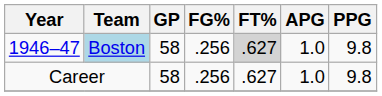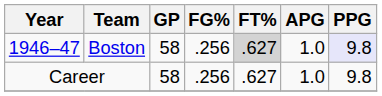 <table class="wikitable sortable" style="font-size:95%; text-align:right;">
 <tr>
 <th>Year</th>
 <th>Team</th>
 <th>GP</th>
 <th>FG%</th>
 <th>FT%</th>
 <th>APG</th>
 <th>PPG</th>
 </tr>
 <tr>
 <td style="text-align:left;"><a href='#'>1946–47</a></td>
-<td style="background: lightblue; text-align:left;"><a href='#'>Boston</a></td>
+<td style="text-align:left;"><a href='#'>Boston</a></td>
 <td>58</td>
 <td>.256</td>
 <td style="background: lightgrey;">.627</td>
 <td>1.0</td>
-<td>9.8</td>
+<td style="background: lavender;">9.8</td>
 </tr>
 <tr>
 <td style="text-align:center;" colspan="2">Career</td>
 <td>58</td>
 <td>.256</td>
 <td>.627</td>
 <td>1.0</td>
 <td>9.8</td>
 </tr>
 <tr>
 </tr>
 </table>
